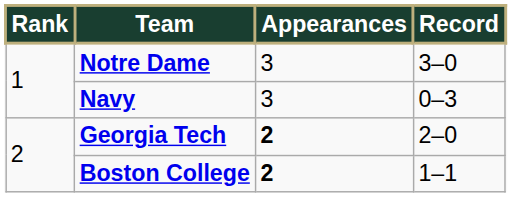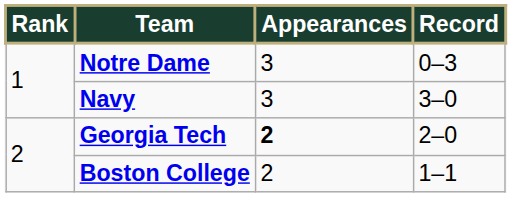 <table class="wikitable">
 <tr>
 <th style="background:#193E30; color:#FFFFFF; border: 2px solid #BEB07D ;">Rank</th>
 <th style="background:#193E30; color:#FFFFFF; border: 2px solid #BEB07D ;">Team</th>
 <th style="background:#193E30; color:#FFFFFF; border: 2px solid #BEB07D ;">Appearances</th>
 <th style="background:#193E30; color:#FFFFFF; border: 2px solid #BEB07D ;">Record</th>
 </tr>
 <tr>
 <td rowspan=2>1</td>
 <td><strong><a href='#'><span>Notre Dame</span></a></strong></td>
 <td>3</td>
-<td>3–0</td>
+<td>0–3</td>
 </tr>
 <tr>
 <td><strong><a href='#'><span>Navy</span></a></strong></td>
 <td>3</td>
-<td>0–3</td>
+<td>3–0</td>
 </tr>
 <tr>
 <td rowspan=2>2</td>
 <td><strong><a href='#'><span>Georgia Tech</span></a></strong></td>
 <td><strong>2</strong></td>
 <td>2–0</td>
 </tr>
 <tr>
 <td><strong><a href='#'><span>Boston College</span></a></strong></td>
-<td><strong>2</strong></td>
+<td>2</td>
 <td>1–1</td>
 </tr>
 </table>
